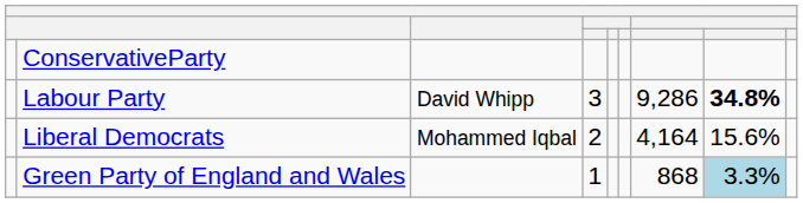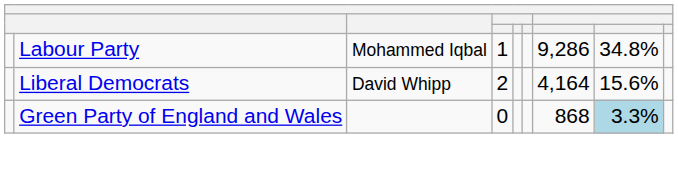 <table class="wikitable sortable" style="text-align:center;">
 <tr>
 <th colspan="9"></th>
 </tr>
 <tr>
 <th colspan="2" rowspan="2"></th>
 <th rowspan="2"></th>
 <th colspan="3"></th>
 <th colspan="3"></th>
 </tr>
 <tr>
 <th></th>
 <th></th>
 <th class="unsortable"></th>
 <th></th>
 <th></th>
 <th class="unsortable"></th>
 </tr>
 <tr>
 <td style="background:"></td>
-<td style="text-align:left;"><a href='#'>ConservativeParty</a></td>
-<td style="text-align:left;"></td>
-<td style="text-align:right;"></td>
-<td style="text-align:right;"></td>
-<td data-sort-value=""></td>
-<td style="text-align:right;"></td>
-<td style="text-align:right;"></td>
-<td></td>
-</tr>
-<tr>
-<td style="background:"></td>
 <td style="text-align:left;"><a href='#'>Labour Party</a></td>
-<td style="text-align:left;"><small>David Whipp</small></td>
-<td style="text-align:right;">3</td>
+<td style="text-align:left;"><small>Mohammed Iqbal</small></td>
+<td style="text-align:right;">1</td>
 <td style="text-align:right;"></td>
 <td data-sort-value=""></td>
 <td style="text-align:right;">9,286</td>
-<td style="text-align:right;"><strong>34.8%</strong></td>
+<td style="text-align:right;">34.8%</td>
 <td></td>
 </tr>
 <tr>
 <td style="background:"></td>
 <td style="text-align:left;"><a href='#'>Liberal Democrats</a></td>
-<td style="text-align:left;"><small>Mohammed Iqbal</small></td>
+<td style="text-align:left;"><small>David Whipp</small></td>
 <td style="text-align:right;">2</td>
 <td style="text-align:right;"></td>
 <td data-sort-value=""></td>
 <td style="text-align:right;">4,164</td>
 <td style="text-align:right;">15.6%</td>
 <td></td>
 </tr>
 <tr>
 <td style="background:"></td>
 <td style="text-align:left;"><a href='#'>Green Party of England and Wales</a></td>
 <td style="text-align:left;"><small></small></td>
-<td style="text-align:right;">1</td>
+<td style="text-align:right;">0</td>
 <td style="text-align:right;"></td>
 <td data-sort-value=""></td>
 <td style="text-align:right;">868</td>
 <td style="background: lightblue; text-align:right;">3.3%</td>
 <td></td>
 </tr>
 </table>
